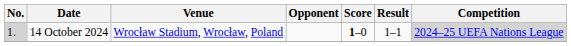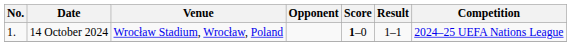 <table class="wikitable">
 <tr>
 <th>No.</th>
 <th>Date</th>
 <th>Venue</th>
 <th>Opponent</th>
 <th>Score</th>
 <th>Result</th>
 <th>Competition</th>
 </tr>
 <tr>
-<td style="background: lightgrey;">1.</td>
+<td>1.</td>
 <td>14 October 2024</td>
 <td><a href='#'>Wrocław Stadium</a>, <a href='#'>Wrocław</a>, <a href='#'>Poland</a></td>
 <td></td>
 <td align=center><strong>1</strong>–0</td>
 <td align=center>1–1</td>
-<td style="background: lightgrey;"><a href='#'>2024–25 UEFA Nations League</a></td>
+<td><a href='#'>2024–25 UEFA Nations League</a></td>
 </tr>
 <tr>
 </tr>
 </table>
